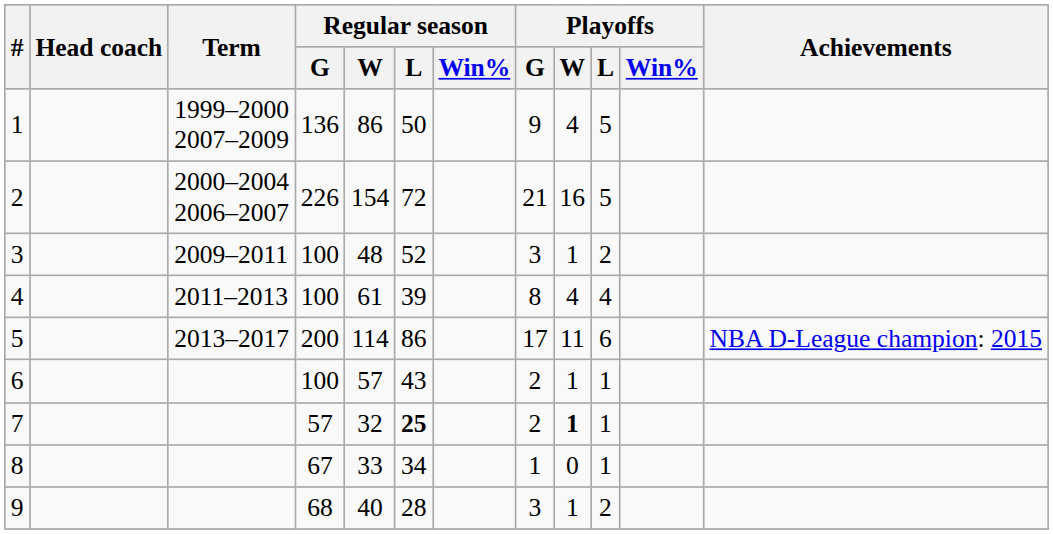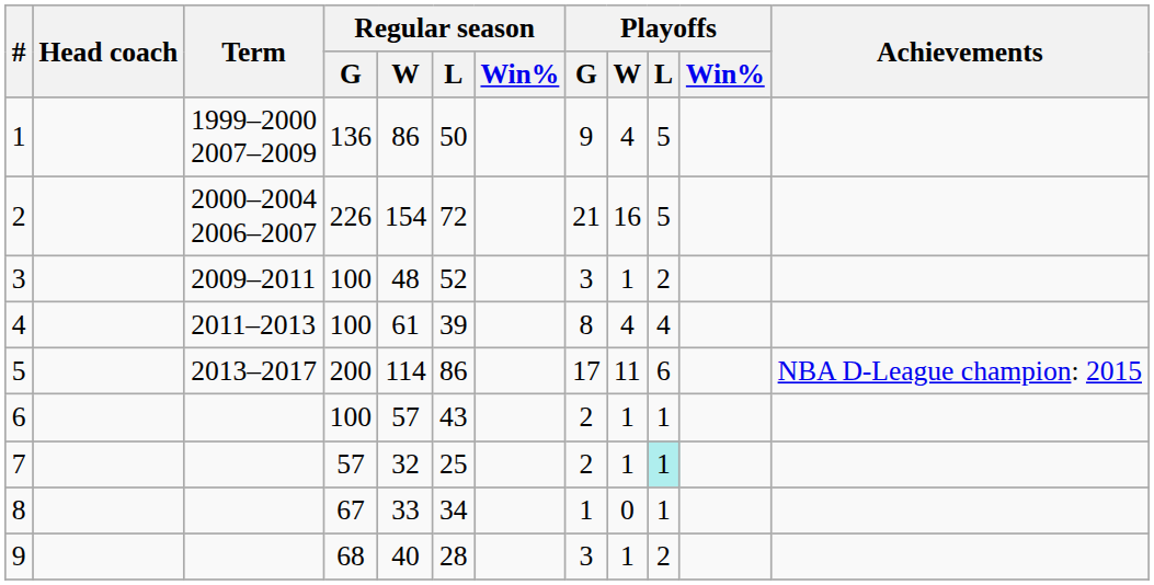 <table class="wikitable sortable" style="font-size:95%; text-align:center">
 <tr>
 <th scope="col" rowspan="2">#</th>
 <th scope="col" rowspan="2">Head coach</th>
 <th scope="col" rowspan="2">Term</th>
 <th scope="col" colspan="4">Regular season</th>
 <th scope="col" colspan="4">Playoffs</th>
 <th scope="col" rowspan="2">Achievements</th>
 </tr>
 <tr>
 <th>G</th>
 <th>W</th>
 <th>L</th>
 <th><a href='#'>Win%</a></th>
 <th>G</th>
 <th>W</th>
 <th>L</th>
 <th><a href='#'>Win%</a></th>
 </tr>
 <tr>
 <td align=left>1</td>
 <td align=left></td>
 <td align=left>1999–2000<br>2007–2009</td>
 <td>136</td>
 <td>86</td>
 <td>50</td>
 <td></td>
 <td>9</td>
 <td>4</td>
 <td>5</td>
 <td></td>
 <td align=left></td>
 </tr>
 <tr>
 <td align=left>2</td>
 <td align=left></td>
 <td align=left>2000–2004<br>2006–2007</td>
 <td>226</td>
 <td>154</td>
 <td>72</td>
 <td></td>
 <td>21</td>
 <td>16</td>
 <td>5</td>
 <td></td>
 <td align=left></td>
 </tr>
 <tr>
 <td align=left>3</td>
 <td align=left></td>
 <td style="text-align:left">2009–2011</td>
 <td>100</td>
 <td>48</td>
 <td>52</td>
 <td></td>
 <td>3</td>
 <td>1</td>
 <td>2</td>
 <td></td>
 <td align=left></td>
 </tr>
 <tr>
 <td align=left>4</td>
 <td align=left></td>
 <td align=left>2011–2013</td>
 <td>100</td>
 <td>61</td>
 <td>39</td>
 <td></td>
 <td>8</td>
 <td>4</td>
 <td>4</td>
 <td></td>
 <td align=left></td>
 </tr>
 <tr>
 <td align=left>5</td>
 <td align=left></td>
 <td align=left>2013–2017</td>
 <td>200</td>
 <td>114</td>
 <td>86</td>
 <td></td>
 <td>17</td>
 <td>11</td>
 <td>6</td>
 <td></td>
 <td align=left><a href='#'>NBA D-League champion</a>: <a href='#'>2015</a></td>
 </tr>
 <tr>
 <td align=left>6</td>
 <td align=left></td>
 <td align=left></td>
 <td>100</td>
 <td>57</td>
 <td>43</td>
 <td></td>
 <td>2</td>
 <td>1</td>
 <td>1</td>
 <td></td>
 <td align=left></td>
 </tr>
 <tr>
 <td align=left>7</td>
 <td align=left></td>
 <td align=left></td>
 <td>57</td>
 <td>32</td>
-<td><strong>25</strong></td>
+<td>25</td>
 <td></td>
 <td>2</td>
-<td><strong>1</strong></td>
 <td>1</td>
+<td style="background: paleturquoise;">1</td>
 <td></td>
 <td align=left></td>
 </tr>
 <tr>
 <td align=left>8</td>
 <td align=left></td>
 <td align=left></td>
 <td>67</td>
 <td>33</td>
 <td>34</td>
 <td></td>
 <td>1</td>
 <td>0</td>
 <td>1</td>
 <td></td>
 <td align=left></td>
 </tr>
 <tr>
 <td align=left>9</td>
 <td align=left></td>
 <td align=left></td>
 <td>68</td>
 <td>40</td>
 <td>28</td>
 <td></td>
 <td>3</td>
 <td>1</td>
 <td>2</td>
 <td></td>
 <td align=left></td>
 </tr>
 </table>
